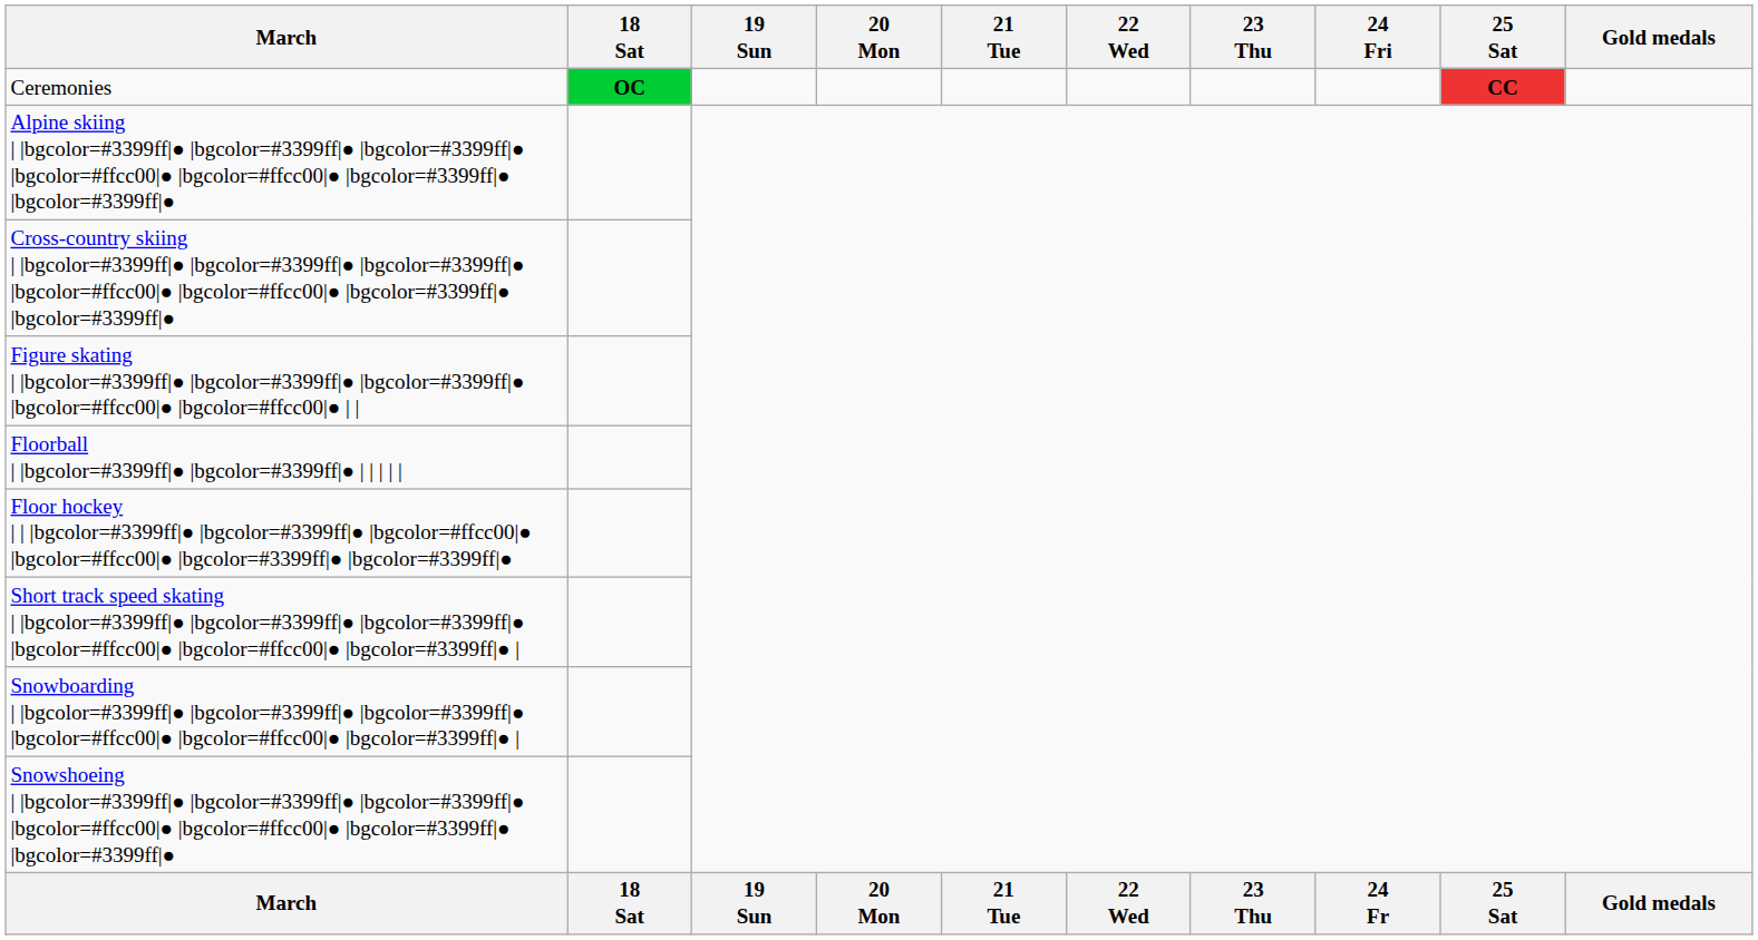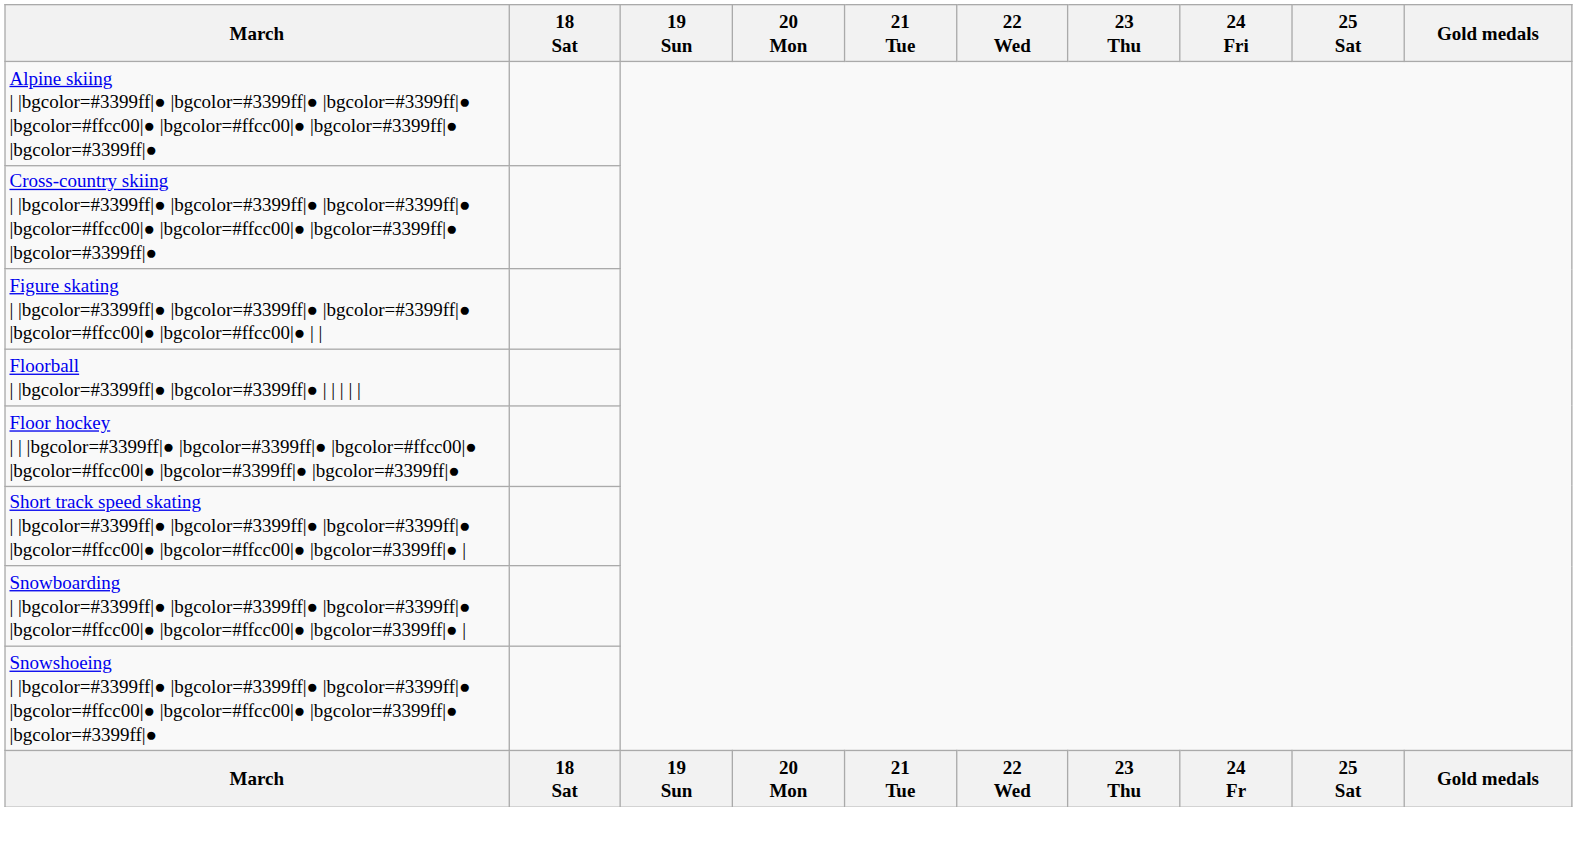 <table class="wikitable" style="margin:0.5em auto; font-size:90%; line-height:1.25em;width:75%;">
 <tr>
 <th style="width:18%;">March</th>
 <th style="width:4%;">18<br>Sat</th>
 <th style="width:4%;">19<br>Sun</th>
 <th style="width:4%;">20<br>Mon</th>
 <th style="width:4%;">21<br>Tue</th>
 <th style="width:4%;">22<br>Wed</th>
 <th style="width:4%;">23<br>Thu</th>
 <th style="width:4%;">24<br>Fri</th>
 <th style="width:4%;">25<br>Sat</th>
 <th style="width:6%;">Gold medals</th>
-</tr>
-<tr>
-<td align="left"> Ceremonies</td>
-<td style="background:#0c3; text-align:center;"><strong>OC</strong></td>
-<td></td>
-<td></td>
-<td></td>
-<td></td>
-<td></td>
-<td></td>
-<td style="background:#e33; text-align:center;"><strong>CC</strong></td>
-<td></td>
 </tr>
 <tr style="text-align:center;">
 <td align="left"><a href='#'>Alpine skiing</a><br>| |bgcolor=#3399ff|● |bgcolor=#3399ff|● |bgcolor=#3399ff|● |bgcolor=#ffcc00|● |bgcolor=#ffcc00|● |bgcolor=#3399ff|● |bgcolor=#3399ff|●</td>
 <td></td>
 </tr>
 <tr style="text-align:center;">
 <td align="left"><a href='#'>Cross-country skiing</a><br>| |bgcolor=#3399ff|● |bgcolor=#3399ff|● |bgcolor=#3399ff|● |bgcolor=#ffcc00|● |bgcolor=#ffcc00|● |bgcolor=#3399ff|● |bgcolor=#3399ff|●</td>
 <td></td>
 </tr>
 <tr style="text-align:center;">
 <td align="left"><a href='#'>Figure skating</a><br>| |bgcolor=#3399ff|● |bgcolor=#3399ff|● |bgcolor=#3399ff|● |bgcolor=#ffcc00|● |bgcolor=#ffcc00|● | |</td>
 <td></td>
 </tr>
 <tr style="text-align:center;">
 <td align="left"><a href='#'>Floorball</a><br>| |bgcolor=#3399ff|● |bgcolor=#3399ff|● | | | | |</td>
 <td></td>
 </tr>
 <tr style="text-align:center;">
 <td align="left"><a href='#'>Floor hockey</a><br>| | |bgcolor=#3399ff|● |bgcolor=#3399ff|● |bgcolor=#ffcc00|● |bgcolor=#ffcc00|● |bgcolor=#3399ff|● |bgcolor=#3399ff|●</td>
 <td></td>
 </tr>
 <tr style="text-align:center;">
 <td align="left"><a href='#'>Short track speed skating</a><br>| |bgcolor=#3399ff|● |bgcolor=#3399ff|● |bgcolor=#3399ff|● |bgcolor=#ffcc00|● |bgcolor=#ffcc00|● |bgcolor=#3399ff|● |</td>
 <td></td>
 </tr>
 <tr style="text-align:center;">
 <td align="left"><a href='#'>Snowboarding</a><br>| |bgcolor=#3399ff|● |bgcolor=#3399ff|● |bgcolor=#3399ff|● |bgcolor=#ffcc00|● |bgcolor=#ffcc00|● |bgcolor=#3399ff|● |</td>
 <td></td>
 </tr>
 <tr style="text-align:center;">
 <td align="left"><a href='#'>Snowshoeing</a><br>| |bgcolor=#3399ff|● |bgcolor=#3399ff|● |bgcolor=#3399ff|● |bgcolor=#ffcc00|● |bgcolor=#ffcc00|● |bgcolor=#3399ff|● |bgcolor=#3399ff|●</td>
 <td></td>
 </tr>
 <tr>
 <th>March</th>
 <th>18<br>Sat</th>
 <th>19<br>Sun</th>
 <th>20<br>Mon</th>
 <th>21<br>Tue</th>
 <th>22<br>Wed</th>
 <th>23<br>Thu</th>
 <th>24<br>Fr</th>
 <th>25<br>Sat</th>
 <th>Gold medals</th>
 </tr>
 </table>
